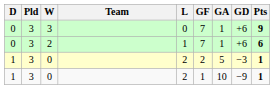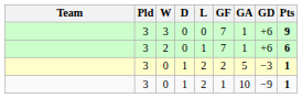 <table class="wikitable" style="text-align:center;">
 <tr>
-<th width=20>D</th>
+<th width=180>Team</th>
 <th width=20>Pld</th>
 <th width=20>W</th>
-<th width=180>Team</th>
+<th width=20>D</th>
 <th width=20>L</th>
 <th width=20>GF</th>
 <th width=20>GA</th>
 <th width=20>GD</th>
 <th width=20>Pts</th>
 </tr>
 <tr align=center style="background:#ccffcc;">
-<td>0</td>
+<td style="text-align:left;"></td>
 <td>3</td>
 <td>3</td>
-<td style="text-align:left;"></td>
+<td>0</td>
 <td>0</td>
 <td>7</td>
 <td>1</td>
 <td>+6</td>
 <td><strong>9</strong></td>
 </tr>
 <tr align=center style="background:#ccffcc;">
-<td>0</td>
+<td style="text-align:left;"></td>
 <td>3</td>
 <td>2</td>
-<td style="text-align:left;"></td>
+<td>0</td>
 <td>1</td>
 <td>7</td>
 <td>1</td>
 <td>+6</td>
 <td><strong>6</strong></td>
 </tr>
 <tr align=center style="background:#ffffcc;">
-<td>1</td>
+<td style="text-align:left;"></td>
 <td>3</td>
 <td>0</td>
-<td style="text-align:left;"></td>
+<td>1</td>
 <td>2</td>
 <td>2</td>
 <td>5</td>
 <td>−3</td>
 <td><strong>1</strong></td>
 </tr>
 <tr align=center>
-<td>1</td>
+<td style="text-align:left;"></td>
 <td>3</td>
 <td>0</td>
-<td style="text-align:left;"></td>
+<td>1</td>
 <td>2</td>
 <td>1</td>
 <td>10</td>
 <td>−9</td>
 <td><strong>1</strong></td>
 </tr>
 </table>
